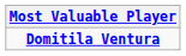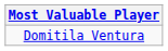 <table class=wikitable style="text-align:center; margin:auto">
 <tr>
 <th><a href='#'>Most Valuable Player</a></th>
 </tr>
 <tr>
-<td><strong> <a href='#'>Domitila Ventura</a></strong></td>
+<td> <a href='#'>Domitila Ventura</a></td>
 </tr>
 </table>
